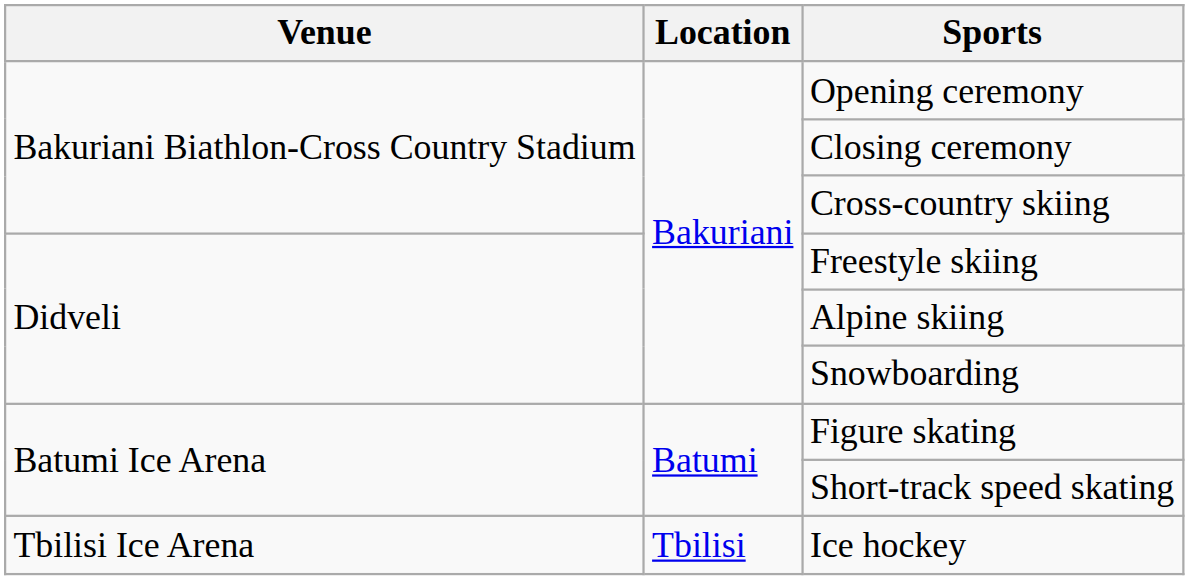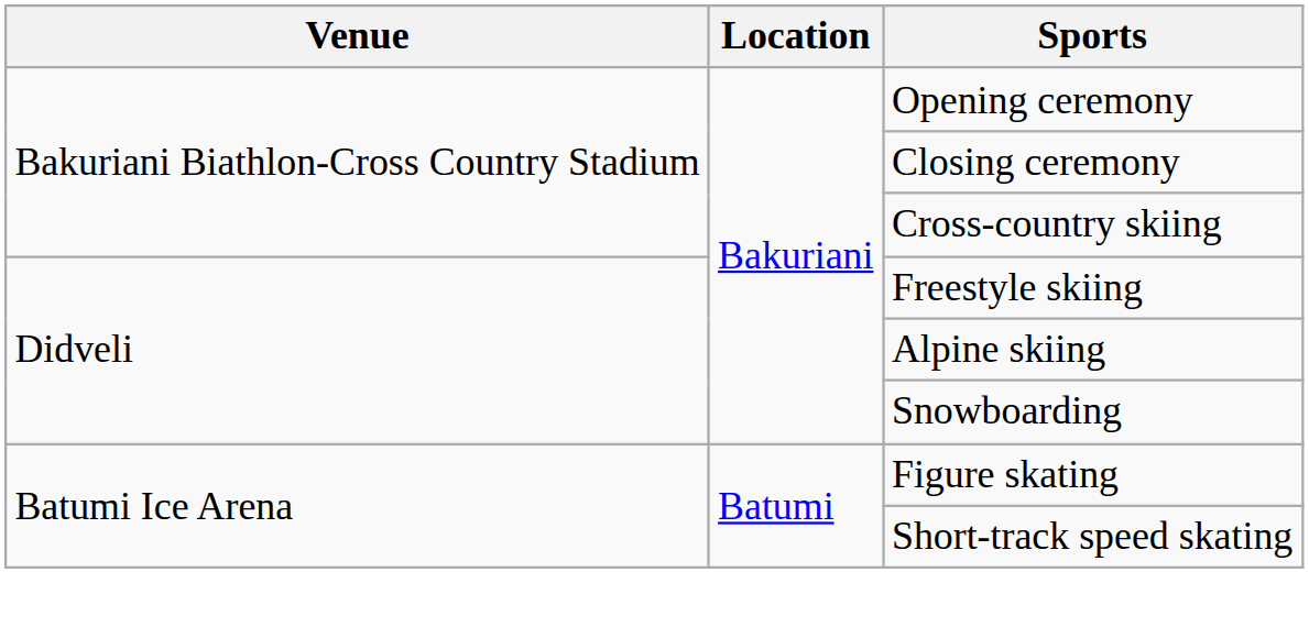 <table class="wikitable">
 <tr>
 <th>Venue</th>
 <th>Location</th>
 <th>Sports</th>
 </tr>
 <tr>
 <td rowspan="3">Bakuriani Biathlon-Cross Country Stadium</td>
 <td rowspan="6"><a href='#'>Bakuriani</a></td>
 <td>Opening ceremony</td>
 </tr>
 <tr>
 <td>Closing ceremony</td>
 </tr>
 <tr>
 <td>Cross-country skiing</td>
 </tr>
 <tr>
 <td rowspan="3">Didveli</td>
 <td>Freestyle skiing</td>
 </tr>
 <tr>
 <td>Alpine skiing</td>
 </tr>
 <tr>
 <td>Snowboarding</td>
 </tr>
 <tr>
 <td rowspan="2">Batumi Ice Arena</td>
 <td rowspan="2"><a href='#'>Batumi</a></td>
 <td>Figure skating</td>
 </tr>
 <tr>
 <td>Short-track speed skating</td>
 </tr>
-<tr>
-<td>Tbilisi Ice Arena</td>
-<td><a href='#'>Tbilisi</a></td>
-<td>Ice hockey</td>
-</tr>
 </table>
